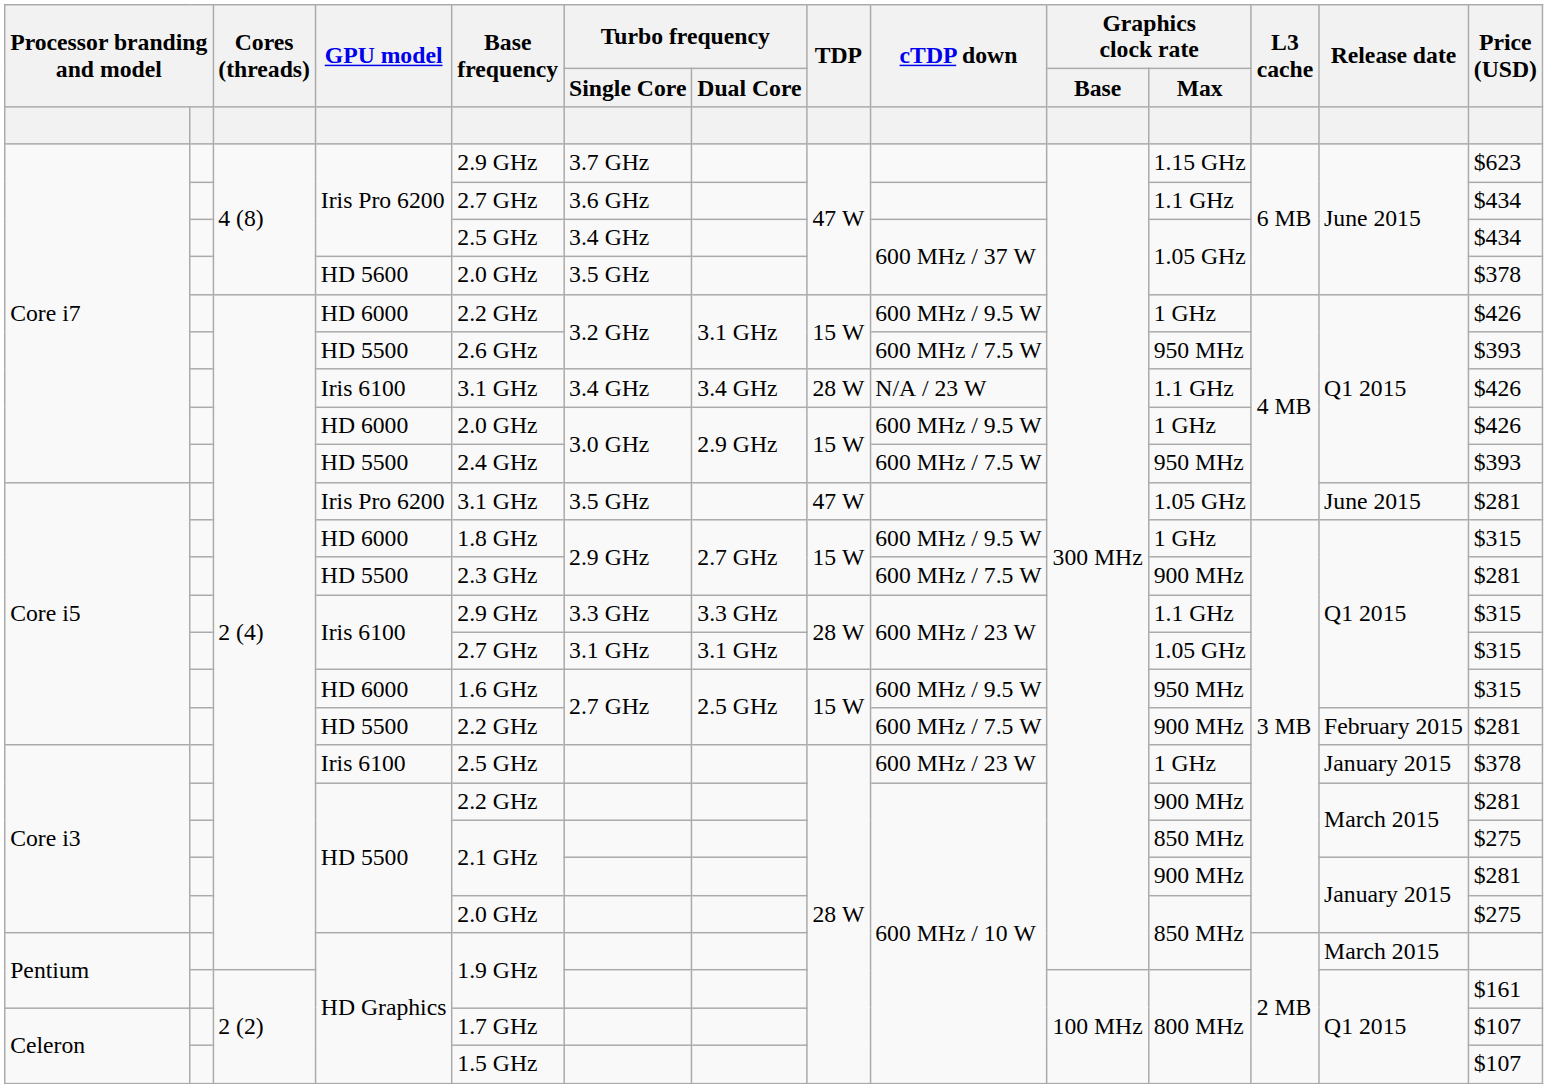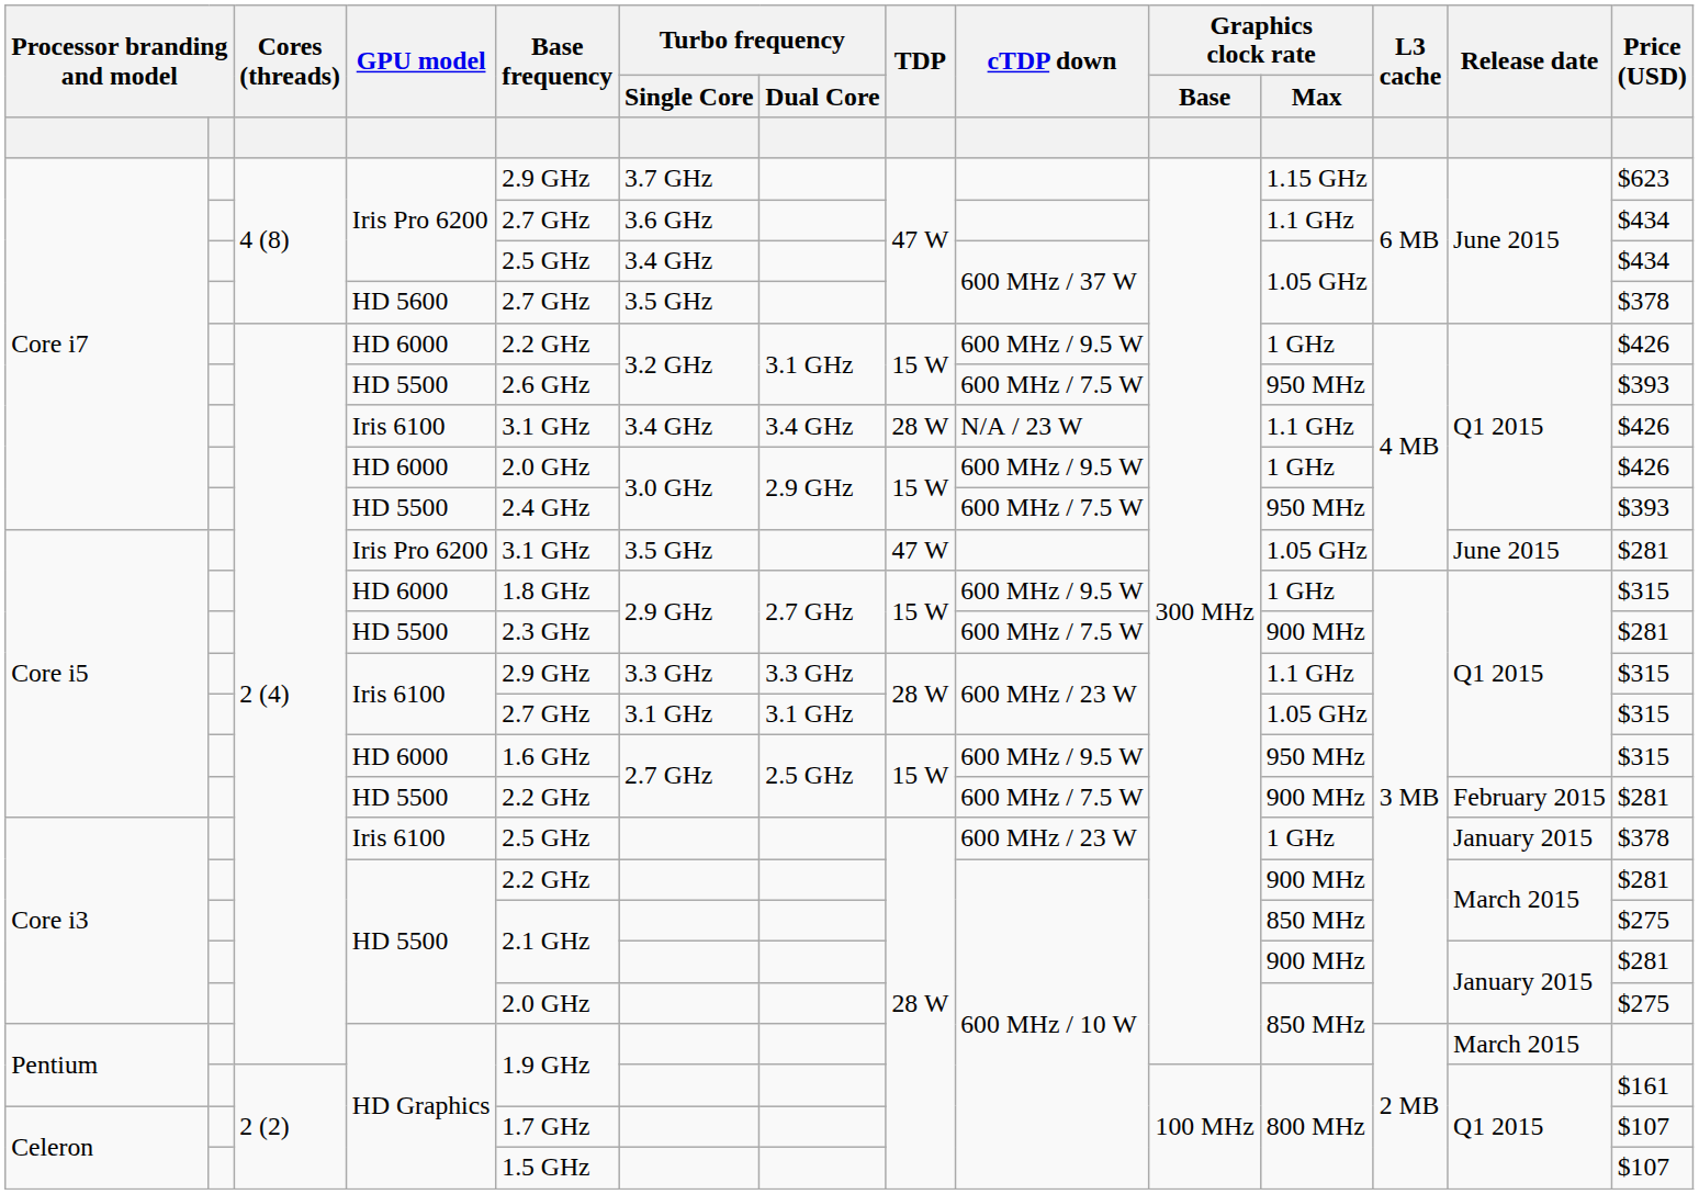 <table class="wikitable sortable hover-highlight">
 <tr>
 <th rowspan="2" colspan="2">Processor branding<br>and model</th>
 <th rowspan="2">Cores<br>(threads)</th>
 <th rowspan="2"><a href='#'>GPU model</a></th>
 <th rowspan="2">Base<br>frequency</th>
 <th colspan="2">Turbo frequency</th>
 <th rowspan="2">TDP</th>
 <th rowspan="2"><a href='#'>cTDP</a> down</th>
 <th colspan="2">Graphics<br>clock rate</th>
 <th rowspan="2">L3<br>cache</th>
 <th rowspan="2">Release date</th>
 <th rowspan="2">Price<br>(USD)</th>
 </tr>
 <tr>
 <th>Single Core</th>
 <th>Dual Core</th>
 <th>Base</th>
 <th>Max</th>
 </tr>
 <tr>
 <th style="background-position:center"><br></th>
 <th style="background-position:center"></th>
 <th style="background-position:center"></th>
 <th style="background-position:center"></th>
 <th style="background-position:center"></th>
 <th style="background-position:center"></th>
 <th style="background-position:center"></th>
 <th style="background-position:center"></th>
 <th style="background-position:center"></th>
 <th style="background-position:center"></th>
 <th style="background-position:center"></th>
 <th style="background-position:center"></th>
 <th style="background-position:center"></th>
 <th style="background-position:center"></th>
 </tr>
 <tr>
 <td rowspan="9">Core i7</td>
 <td><strong></strong></td>
 <td rowspan="4">4 (8)</td>
 <td rowspan="3">Iris Pro 6200</td>
 <td>2.9 GHz</td>
 <td>3.7 GHz</td>
 <td></td>
 <td rowspan="4">47 W</td>
 <td></td>
 <td rowspan="22">300 MHz</td>
 <td>1.15 GHz</td>
 <td rowspan="4">6 MB</td>
 <td rowspan="4">June 2015</td>
 <td>$623</td>
 </tr>
 <tr>
 <td><strong></strong></td>
 <td>2.7 GHz</td>
 <td>3.6 GHz</td>
 <td></td>
 <td></td>
 <td>1.1 GHz</td>
 <td>$434</td>
 </tr>
 <tr>
 <td><strong></strong></td>
 <td>2.5 GHz</td>
 <td>3.4 GHz</td>
 <td></td>
 <td rowspan="2">600 MHz / 37 W</td>
 <td rowspan="2">1.05 GHz</td>
 <td>$434</td>
 </tr>
 <tr>
 <td><strong></strong></td>
 <td>HD 5600</td>
-<td>2.0 GHz</td>
+<td>2.7 GHz</td>
 <td>3.5 GHz</td>
 <td></td>
 <td>$378</td>
 </tr>
 <tr>
 <td><strong></strong></td>
 <td rowspan="18">2 (4)</td>
 <td>HD 6000</td>
 <td>2.2 GHz</td>
 <td rowspan="2">3.2 GHz</td>
 <td rowspan="2">3.1 GHz</td>
 <td rowspan="2">15 W</td>
 <td>600 MHz / 9.5 W</td>
 <td>1 GHz</td>
 <td rowspan="6">4 MB</td>
 <td rowspan="5">Q1 2015</td>
 <td>$426</td>
 </tr>
 <tr>
 <td><strong></strong></td>
 <td>HD 5500</td>
 <td>2.6 GHz</td>
 <td>600 MHz / 7.5 W</td>
 <td>950 MHz</td>
 <td>$393</td>
 </tr>
 <tr>
 <td><strong></strong></td>
 <td>Iris 6100</td>
 <td>3.1 GHz</td>
 <td>3.4 GHz</td>
 <td>3.4 GHz</td>
 <td>28 W</td>
 <td>N/A / 23 W</td>
 <td>1.1 GHz</td>
 <td>$426</td>
 </tr>
 <tr>
 <td><strong></strong></td>
 <td>HD 6000</td>
 <td>2.0 GHz</td>
 <td rowspan="2">3.0 GHz</td>
 <td rowspan="2">2.9 GHz</td>
 <td rowspan="2">15 W</td>
 <td>600 MHz / 9.5 W</td>
 <td>1 GHz</td>
 <td>$426</td>
 </tr>
 <tr>
 <td><strong></strong></td>
 <td>HD 5500</td>
 <td>2.4 GHz</td>
 <td>600 MHz / 7.5 W</td>
 <td>950 MHz</td>
 <td>$393</td>
 </tr>
 <tr>
 <td rowspan="7">Core i5</td>
 <td><strong></strong></td>
 <td>Iris Pro 6200</td>
 <td>3.1 GHz</td>
 <td>3.5 GHz</td>
 <td></td>
 <td>47 W</td>
 <td></td>
 <td>1.05 GHz</td>
 <td>June 2015</td>
 <td>$281</td>
 </tr>
 <tr>
 <td><strong></strong></td>
 <td>HD 6000</td>
 <td>1.8 GHz</td>
 <td rowspan="2">2.9 GHz</td>
 <td rowspan="2">2.7 GHz</td>
 <td rowspan="2">15 W</td>
 <td>600 MHz / 9.5 W</td>
 <td>1 GHz</td>
 <td rowspan="11">3 MB</td>
 <td rowspan="5">Q1 2015</td>
 <td>$315</td>
 </tr>
 <tr>
 <td><strong></strong></td>
 <td>HD 5500</td>
 <td>2.3 GHz</td>
 <td>600 MHz / 7.5 W</td>
 <td>900 MHz</td>
 <td>$281</td>
 </tr>
 <tr>
 <td><strong></strong></td>
 <td rowspan="2">Iris 6100</td>
 <td>2.9 GHz</td>
 <td>3.3 GHz</td>
 <td>3.3 GHz</td>
 <td rowspan="2">28 W</td>
 <td rowspan="2">600 MHz / 23 W</td>
 <td>1.1 GHz</td>
 <td>$315</td>
 </tr>
 <tr>
 <td><strong></strong></td>
 <td>2.7 GHz</td>
 <td>3.1 GHz</td>
 <td>3.1 GHz</td>
 <td>1.05 GHz</td>
 <td>$315</td>
 </tr>
 <tr>
 <td><strong></strong></td>
 <td>HD 6000</td>
 <td>1.6 GHz</td>
 <td rowspan="2">2.7 GHz</td>
 <td rowspan="2">2.5 GHz</td>
 <td rowspan="2">15 W</td>
 <td>600 MHz / 9.5 W</td>
 <td>950 MHz</td>
 <td>$315</td>
 </tr>
 <tr>
 <td><strong></strong></td>
 <td>HD 5500</td>
 <td>2.2 GHz</td>
 <td>600 MHz / 7.5 W</td>
 <td>900 MHz</td>
 <td>February 2015</td>
 <td>$281</td>
 </tr>
 <tr>
 <td rowspan="5">Core i3</td>
 <td><strong></strong></td>
 <td>Iris 6100</td>
 <td>2.5 GHz</td>
 <td></td>
 <td></td>
 <td rowspan="9">28 W</td>
 <td>600 MHz / 23 W</td>
 <td>1 GHz</td>
 <td>January 2015</td>
 <td>$378</td>
 </tr>
 <tr>
 <td><strong></strong></td>
 <td rowspan="4">HD 5500</td>
 <td>2.2 GHz</td>
 <td></td>
 <td></td>
 <td rowspan="8">600 MHz / 10 W</td>
 <td>900 MHz</td>
 <td rowspan="2">March 2015</td>
 <td>$281</td>
 </tr>
 <tr>
 <td><strong></strong></td>
 <td rowspan="2">2.1 GHz</td>
 <td></td>
 <td></td>
 <td>850 MHz</td>
 <td>$275</td>
 </tr>
 <tr>
 <td><strong></strong></td>
 <td></td>
 <td></td>
 <td>900 MHz</td>
 <td rowspan="2">January 2015</td>
 <td>$281</td>
 </tr>
 <tr>
 <td><strong></strong></td>
 <td>2.0 GHz</td>
 <td></td>
 <td></td>
 <td rowspan="2">850 MHz</td>
 <td>$275</td>
 </tr>
 <tr>
 <td rowspan="2">Pentium</td>
 <td><strong></strong></td>
 <td rowspan="4">HD Graphics</td>
 <td rowspan="2">1.9 GHz</td>
 <td></td>
 <td></td>
 <td rowspan="4">2 MB</td>
 <td>March 2015</td>
 <td></td>
 </tr>
 <tr>
 <td><strong></strong></td>
 <td rowspan="3">2 (2)</td>
 <td></td>
 <td></td>
 <td rowspan="3">100 MHz</td>
 <td rowspan="3">800 MHz</td>
 <td rowspan="3">Q1 2015</td>
 <td>$161</td>
 </tr>
 <tr>
 <td rowspan="2">Celeron</td>
 <td><strong></strong></td>
 <td>1.7 GHz</td>
 <td></td>
 <td></td>
 <td>$107</td>
 </tr>
 <tr>
 <td><strong></strong></td>
 <td>1.5 GHz</td>
 <td></td>
 <td></td>
 <td>$107</td>
 </tr>
 <tr>
 </tr>
 </table>
